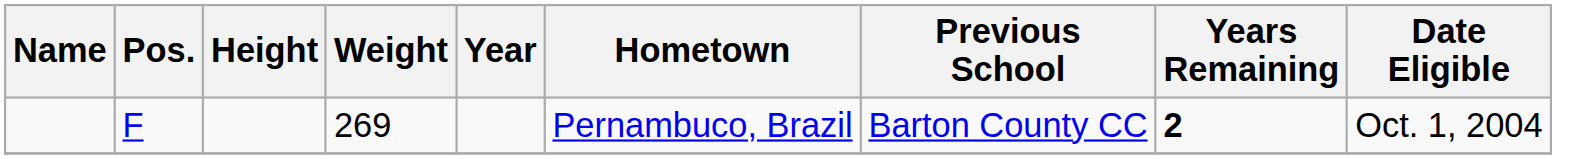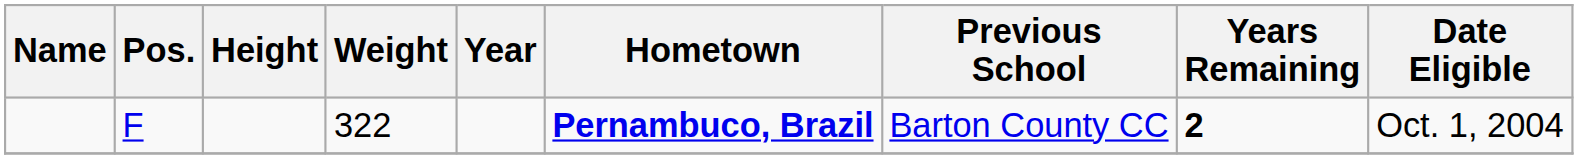 <table class="wikitable sortable" border="1">
 <tr>
 <th>Name</th>
 <th>Pos.</th>
 <th>Height</th>
 <th>Weight</th>
 <th>Year</th>
 <th>Hometown</th>
 <th class="unsortable">Previous<br>School</th>
 <th class="unsortable">Years<br>Remaining</th>
 <th class="unsortable">Date<br>Eligible</th>
 </tr>
 <tr>
 <td></td>
 <td><a href='#'>F</a></td>
 <td></td>
-<td>269</td>
+<td>322</td>
 <td></td>
-<td><a href='#'>Pernambuco, Brazil</a></td>
+<td><strong><a href='#'>Pernambuco, Brazil</a></strong></td>
 <td><a href='#'>Barton County CC</a></td>
 <td><strong>2</strong></td>
 <td>Oct. 1, 2004</td>
 </tr>
 <tr>
 </tr>
 </table>
